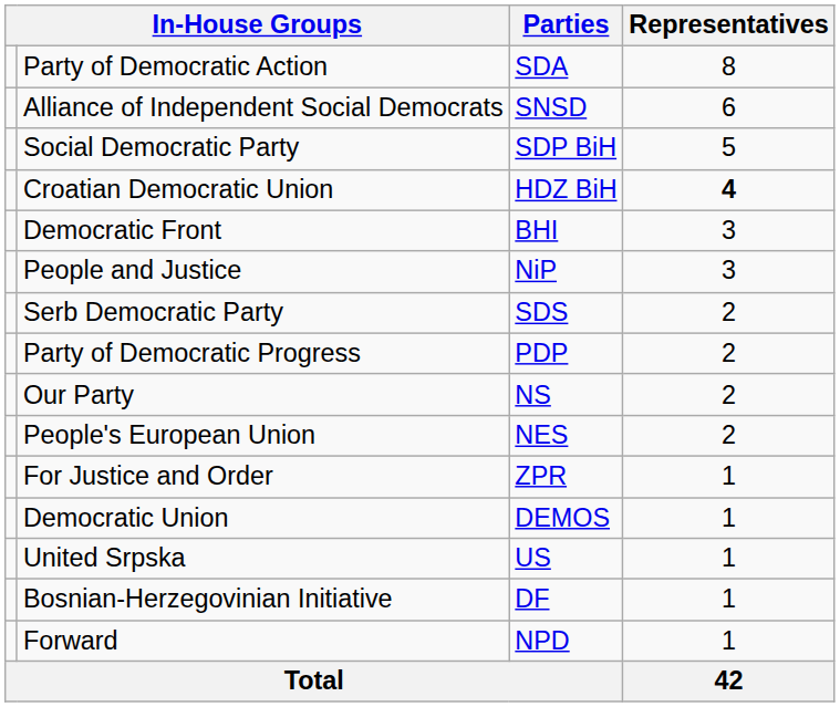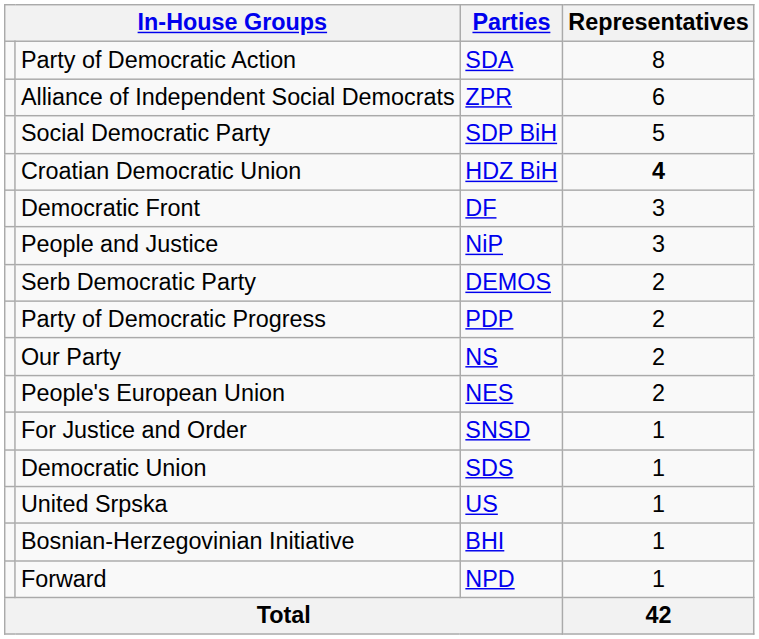 <table class="wikitable">
 <tr>
 <th colspan="2"><a href='#'>In-House Groups</a></th>
 <th><a href='#'>Parties</a></th>
 <th>Representatives</th>
 </tr>
 <tr>
 <td style="background-color: "></td>
 <td>Party of Democratic Action<br></td>
 <td><a href='#'>SDA</a></td>
 <td style="text-align:center;">8</td>
 </tr>
 <tr>
 <td style="background-color: "></td>
 <td>Alliance of Independent Social Democrats<br></td>
-<td><a href='#'>SNSD</a></td>
+<td><a href='#'>ZPR</a></td>
 <td style="text-align:center;">6</td>
 </tr>
 <tr>
 <td style="background-color: "></td>
 <td>Social Democratic Party<br></td>
 <td><a href='#'>SDP BiH</a></td>
 <td style="text-align:center;">5</td>
 </tr>
 <tr>
 <td style="background-color: "></td>
 <td>Croatian Democratic Union<br></td>
 <td><a href='#'>HDZ BiH</a></td>
 <td style="text-align:center;"><strong>4</strong></td>
 </tr>
 <tr>
 <td style="background-color: "></td>
 <td>Democratic Front<br></td>
-<td><a href='#'>BHI</a></td>
+<td><a href='#'>DF</a></td>
 <td style="text-align:center;">3</td>
 </tr>
 <tr>
 <td style="background-color: "></td>
 <td>People and Justice<br></td>
 <td><a href='#'>NiP</a></td>
 <td style="text-align:center;">3</td>
 </tr>
 <tr>
 <td style="background-color: "></td>
 <td>Serb Democratic Party<br></td>
-<td><a href='#'>SDS</a></td>
+<td><a href='#'>DEMOS</a></td>
 <td style="text-align:center;">2</td>
 </tr>
 <tr>
 <td style="background-color: "></td>
 <td>Party of Democratic Progress<br></td>
 <td><a href='#'>PDP</a></td>
 <td style="text-align:center;">2</td>
 </tr>
 <tr>
 <td style="background-color: "></td>
 <td>Our Party<br></td>
 <td><a href='#'>NS</a></td>
 <td style="text-align:center;">2</td>
 </tr>
 <tr>
 <td style="background-color: "></td>
 <td>People's European Union<br></td>
 <td><a href='#'>NES</a></td>
 <td style="text-align:center;">2</td>
 </tr>
 <tr>
 <td style="background-color: "></td>
 <td>For Justice and Order<br></td>
-<td><a href='#'>ZPR</a></td>
+<td><a href='#'>SNSD</a></td>
 <td style="text-align:center;">1</td>
 </tr>
 <tr>
 <td style="background-color: "></td>
 <td>Democratic Union<br></td>
-<td><a href='#'>DEMOS</a></td>
+<td><a href='#'>SDS</a></td>
 <td style="text-align:center;">1</td>
 </tr>
 <tr>
 <td style="background-color: "></td>
 <td>United Srpska<br></td>
 <td><a href='#'>US</a></td>
 <td style="text-align:center;">1</td>
 </tr>
 <tr>
 <td style="background-color: "></td>
 <td>Bosnian-Herzegovinian Initiative<br></td>
-<td><a href='#'>DF</a></td>
+<td><a href='#'>BHI</a></td>
 <td style="text-align:center;">1</td>
 </tr>
 <tr>
 <td style="background-color: "></td>
 <td>Forward<br></td>
 <td><a href='#'>NPD</a></td>
 <td style="text-align:center;">1</td>
 </tr>
 <tr>
 <th colspan="3">Total</th>
 <th>42</th>
 </tr>
 </table>
